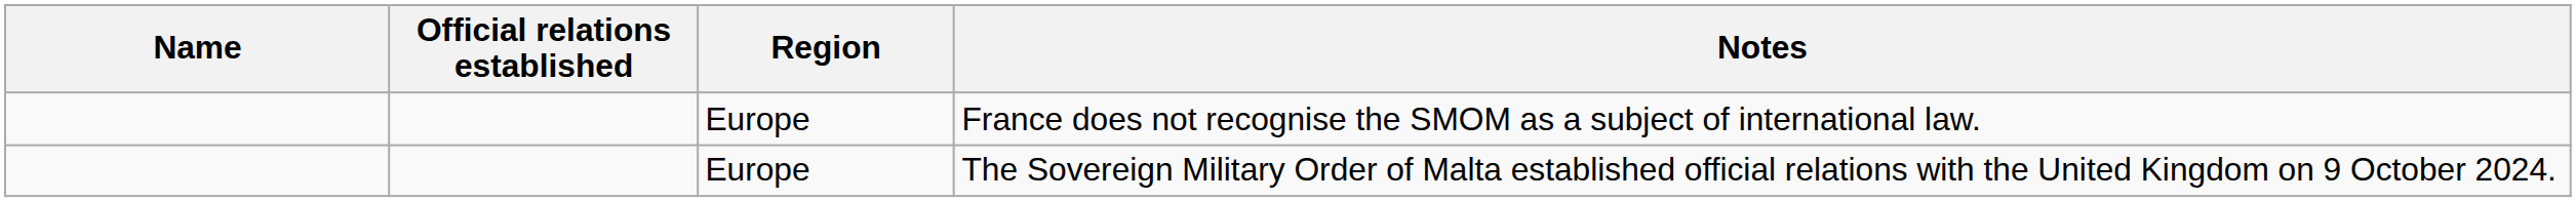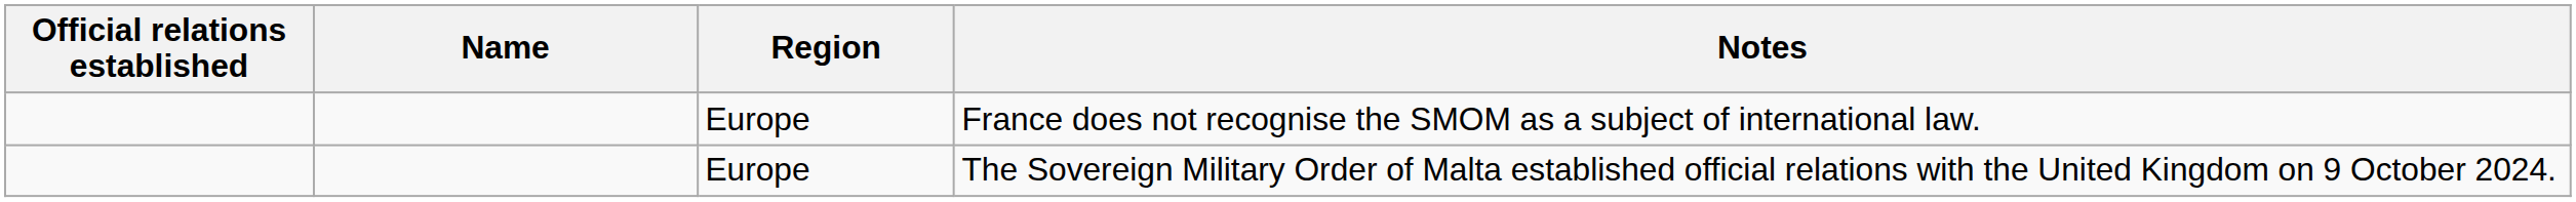 <table class="wikitable sortable" style="width:100%; margin:auto;">
 <tr>
+<th style="width:12%;">Official relations established</th>
 <th style="width:15%;">Name</th>
-<th style="width:12%;">Official relations established</th>
 <th style="width:10%;">Region</th>
 <th>Notes</th>
 </tr>
 <tr valign="top">
 <td></td>
 <td></td>
 <td>Europe</td>
 <td>France does not recognise the SMOM as a subject of international law.</td>
 </tr>
 <tr valign="top">
 <td></td>
 <td></td>
 <td>Europe</td>
 <td>The Sovereign Military Order of Malta established official relations with the United Kingdom on 9 October 2024.</td>
 </tr>
 </table>
